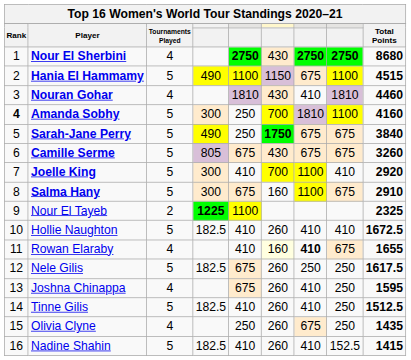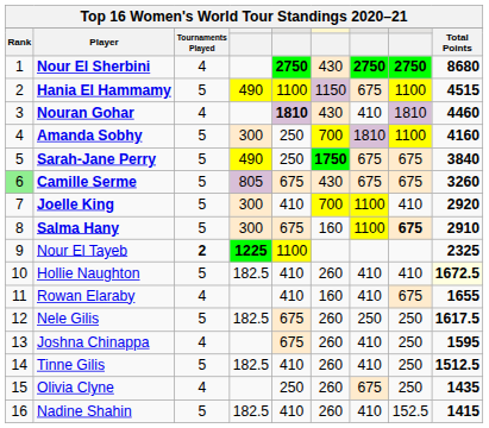 <table class="wikitable sortable">
 <tr>
 <th colspan=21 align="center">Top 16 Women's World Tour Standings 2020–21</th>
 </tr>
 <tr>
 </tr>
 <tr style="font-size:8pt;font-weight:bold">
 <th rowspan=2 align="center">Rank</th>
 <th rowspan=2 align="center">Player</th>
 <th rowspan=2 align="center"><small>Tournaments<br>Played</small></th>
 <th style="background:#f2f2f2;"><small></small></th>
 <th style="background:#E5E4E2;"><small></small></th>
 <th style="background:#fff7cc;"><small></small></th>
 <th style="background:#E5E4E2;"><small></small></th>
 <th style="background:#E5E4E2;"><small></small></th>
 <th rowspan=2 align="center">Total<br>Points</th>
 </tr>
 <tr>
 <th data-sort-type=number> </th>
 <th data-sort-type=number></th>
 <th data-sort-type=number></th>
 <th data-sort-type=number></th>
 <th data-sort-type=number></th>
 </tr>
 <tr>
 <td align=center>1</td>
 <td> <strong><a href='#'>Nour El Sherbini</a></strong></td>
 <td align=center>4</td>
 <td align=center></td>
 <td align=center style="background:#00ff00"><strong>2750</strong></td>
 <td align=center style="background:#ffebcd">430</td>
 <td align=center style="background:#00ff00"><strong>2750</strong></td>
 <td align=center style="background:#00ff00"><strong>2750</strong></td>
 <td align=right><strong>8680</strong></td>
 </tr>
 <tr>
 <td align=center>2</td>
 <td> <strong><a href='#'>Hania El Hammamy</a></strong></td>
 <td align=center>5</td>
 <td align=center style="background:#ffff00">490</td>
 <td align=center style="background:#ffff00">1100</td>
 <td align=center style="background:#D8BFD8">1150</td>
 <td align=center style="background:#ffebcd">675</td>
 <td align=center style="background:#ffff00">1100</td>
 <td align=right><strong>4515</strong></td>
 </tr>
 <tr>
 <td align=center>3</td>
 <td> <strong><a href='#'>Nouran Gohar</a></strong></td>
 <td align=center>4</td>
 <td align=center></td>
-<td align=center style="background:#D8BFD8">1810</td>
+<td align=center style="background:#D8BFD8"><strong>1810</strong></td>
 <td align=center style="background:#ffebcd">430</td>
 <td align=center>410</td>
 <td align=center style="background:#D8BFD8">1810</td>
 <td align=right><strong>4460</strong></td>
 </tr>
 <tr>
-<td align=center><strong>4</strong></td>
+<td align=center>4</td>
 <td> <strong><a href='#'>Amanda Sobhy</a></strong></td>
 <td align=center>5</td>
 <td align=center style="background:#ffebcd">300</td>
 <td align=center>250</td>
 <td align=center style="background:#ffff00">700</td>
 <td align=center style="background:#D8BFD8">1810</td>
 <td align=center style="background:#ffff00">1100</td>
 <td align=right><strong>4160</strong></td>
 </tr>
 <tr>
 <td align=center>5</td>
 <td> <strong><a href='#'>Sarah-Jane Perry</a></strong></td>
 <td align=center>5</td>
 <td align=center style="background:#ffff00">490</td>
 <td align=center>250</td>
 <td align=center style="background:#00ff00"><strong>1750</strong></td>
 <td align=center style="background:#ffebcd">675</td>
 <td align=center style="background:#ffebcd">675</td>
 <td align=right><strong>3840</strong></td>
 </tr>
 <tr>
-<td align=center>6</td>
+<td align=center style="background: lightgreen;">6</td>
 <td> <strong><a href='#'>Camille Serme</a></strong></td>
 <td align=center>5</td>
 <td align=center style="background:#D8BFD8">805</td>
 <td align=center style="background:#ffebcd">675</td>
 <td align=center style="background:#ffebcd">430</td>
 <td align=center style="background:#ffebcd">675</td>
 <td align=center style="background:#ffebcd">675</td>
 <td align=right><strong>3260</strong></td>
 </tr>
 <tr>
 <td align=center>7</td>
 <td> <strong><a href='#'>Joelle King</a></strong></td>
 <td align=center>5</td>
 <td align=center style="background:#ffebcd">300</td>
 <td align=center>410</td>
 <td align=center style="background:#ffff00">700</td>
 <td align=center style="background:#ffff00">1100</td>
 <td align=center>410</td>
 <td align=right><strong>2920</strong></td>
 </tr>
 <tr>
 <td align=center>8</td>
 <td> <strong><a href='#'>Salma Hany</a></strong></td>
 <td align=center>5</td>
 <td align=center style="background:#ffebcd">300</td>
 <td align=center style="background:#ffebcd">675</td>
 <td align=center>160</td>
 <td align=center style="background:#ffff00">1100</td>
-<td align=center style="background:#ffebcd">675</td>
+<td align=center style="background:#ffebcd"><strong>675</strong></td>
 <td align=right><strong>2910</strong></td>
 </tr>
 <tr>
 <td align=center>9</td>
 <td> <a href='#'>Nour El Tayeb</a></td>
-<td align=center>2</td>
+<td align=center><strong>2</strong></td>
 <td align=center style="background:#00ff00"><strong>1225</strong></td>
 <td align=center style="background:#ffff00">1100</td>
 <td align=center></td>
 <td align=center></td>
 <td align=center></td>
 <td align=right><strong>2325</strong></td>
 </tr>
 <tr>
 <td align=center>10</td>
 <td> <a href='#'>Hollie Naughton</a></td>
 <td align=center>5</td>
 <td align=center>182.5</td>
 <td align=center>410</td>
 <td align=center>260</td>
 <td align=center>410</td>
 <td align=center>410</td>
-<td align=right><strong>1672.5</strong></td>
+<td align=right style="background: lightyellow;"><strong>1672.5</strong></td>
 </tr>
 <tr>
 <td align=center>11</td>
 <td> <a href='#'>Rowan Elaraby</a></td>
 <td align=center>4</td>
 <td align=center></td>
 <td align=center>410</td>
-<td align=center style="background: lightyellow;">160</td>
-<td align=center><strong>410</strong></td>
+<td align=center>160</td>
+<td align=center>410</td>
 <td align=center style="background:#ffebcd">675</td>
 <td align=right><strong>1655</strong></td>
 </tr>
 <tr>
 <td align=center>12</td>
 <td> <a href='#'>Nele Gilis</a></td>
 <td align=center>5</td>
 <td align=center>182.5</td>
 <td align=center style="background:#ffebcd">675</td>
 <td align=center>260</td>
 <td align=center>250</td>
 <td align=center>250</td>
 <td align=right><strong>1617.5</strong></td>
 </tr>
 <tr>
 <td align=center>13</td>
 <td> <a href='#'>Joshna Chinappa</a></td>
 <td align=center>4</td>
 <td align=center></td>
 <td align=center style="background:#ffebcd">675</td>
 <td align=center>260</td>
 <td align=center>410</td>
 <td align=center>250</td>
 <td align=right><strong>1595</strong></td>
 </tr>
 <tr>
 <td align=center>14</td>
 <td> <a href='#'>Tinne Gilis</a></td>
 <td align=center>5</td>
 <td align=center>182.5</td>
 <td align=center>410</td>
 <td align=center>260</td>
 <td align=center>410</td>
 <td align=center>250</td>
 <td align=right><strong>1512.5</strong></td>
 </tr>
 <tr>
 <td align=center>15</td>
 <td> <a href='#'>Olivia Clyne</a></td>
 <td align=center>4</td>
 <td align=center></td>
 <td align=center>250</td>
 <td align=center>260</td>
 <td align=center style="background:#ffebcd">675</td>
 <td align=center>250</td>
 <td align=right><strong>1435</strong></td>
 </tr>
 <tr>
 <td align=center>16</td>
 <td> <a href='#'>Nadine Shahin</a></td>
 <td align=center>5</td>
 <td align=center>182.5</td>
 <td align=center>410</td>
 <td align=center>260</td>
 <td align=center>410</td>
 <td align=center>152.5</td>
 <td align=right><strong>1415</strong><br></td>
 </tr>
 </table>
